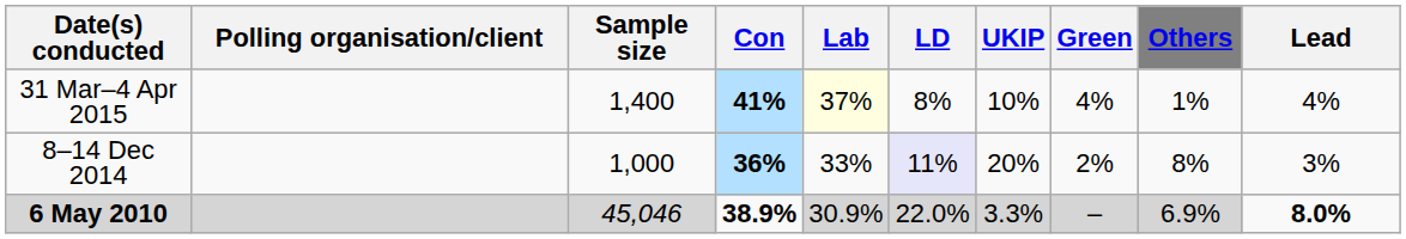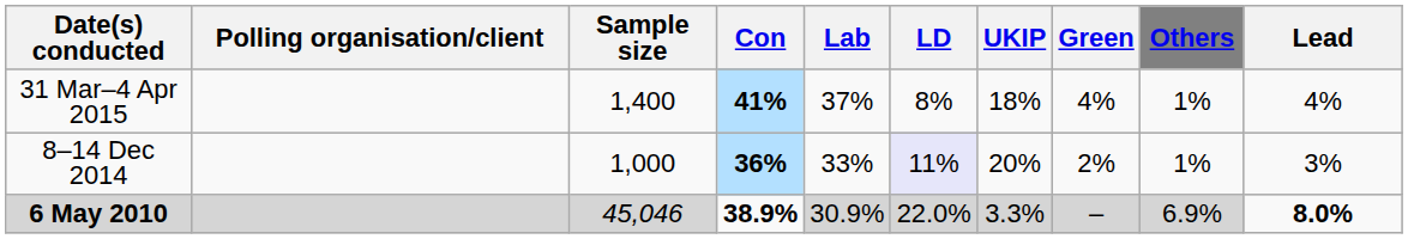 <table class="wikitable sortable" style="text-align:center;font-size:90%;line-height:14px">
 <tr>
 <th ! style="width:95px;">Date(s)<br>conducted</th>
 <th style="width:200px;">Polling organisation/client</th>
 <th class="unsortable" style="width:75px;">Sample size</th>
 <th class="unsortable" style="background:"><a href='#'><span>Con</span></a></th>
 <th class="unsortable" style="background:"><a href='#'><span>Lab</span></a></th>
 <th class="unsortable" style="background:"><a href='#'><span>LD</span></a></th>
 <th class="unsortable" style="background:"><a href='#'><span>UKIP</span></a></th>
 <th class="unsortable" style="background:"><a href='#'><span>Green</span></a></th>
 <th class="unsortable" style="background:gray; width:50px;"><a href='#'><span>Others</span></a></th>
 <th class="unsortable" style="width:80px;">Lead</th>
 </tr>
 <tr>
 <td>31 Mar–4 Apr 2015</td>
 <td> </td>
 <td>1,400</td>
 <td style="background:#B3E0FF"><strong>41%</strong></td>
-<td style="background: lightyellow;">37%</td>
+<td>37%</td>
 <td>8%</td>
-<td>10%</td>
+<td>18%</td>
 <td>4%</td>
 <td>1%</td>
 <td style="background:">4%</td>
 </tr>
 <tr>
 <td>8–14 Dec 2014</td>
 <td> </td>
 <td>1,000</td>
 <td style="background:#B3E0FF"><strong>36%</strong></td>
 <td>33%</td>
 <td style="background: lavender;">11%</td>
 <td>20%</td>
 <td>2%</td>
-<td>8%</td>
+<td>1%</td>
 <td style="background:">3%</td>
 </tr>
 <tr>
 <td style="background:#D5D5D5"><strong>6 May 2010</strong></td>
 <td style="background:#D5D5D5"></td>
 <td style="background:#D5D5D5"><em>45,046</em></td>
 <td style="background:"><strong>38.9%</strong></td>
 <td style="background:#D5D5D5">30.9%</td>
 <td style="background:#D5D5D5">22.0%</td>
 <td style="background:#D5D5D5">3.3%</td>
 <td style="background:#D5D5D5">–</td>
 <td style="background:#D5D5D5">6.9%</td>
 <td style="background:"><strong>8.0% </strong></td>
 </tr>
 </table>
